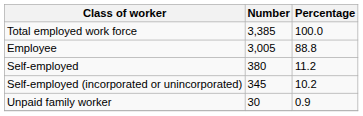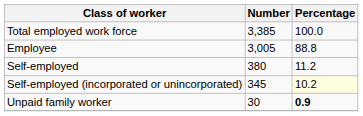 <table class="wikitable">
 <tr>
 <th>Class of worker</th>
 <th>Number</th>
 <th>Percentage</th>
 </tr>
 <tr>
 <td>Total employed work force</td>
 <td>3,385</td>
 <td>100.0</td>
 </tr>
 <tr>
 <td>Employee</td>
 <td>3,005</td>
 <td>88.8</td>
 </tr>
 <tr>
 <td>Self-employed</td>
 <td>380</td>
 <td>11.2</td>
 </tr>
 <tr>
 <td>Self-employed (incorporated or unincorporated)</td>
 <td>345</td>
-<td>10.2</td>
+<td style="background: lightyellow;">10.2</td>
 </tr>
 <tr>
 <td>Unpaid family worker</td>
 <td>30</td>
-<td>0.9</td>
+<td><strong>0.9</strong></td>
 </tr>
 <tr>
 </tr>
 </table>
